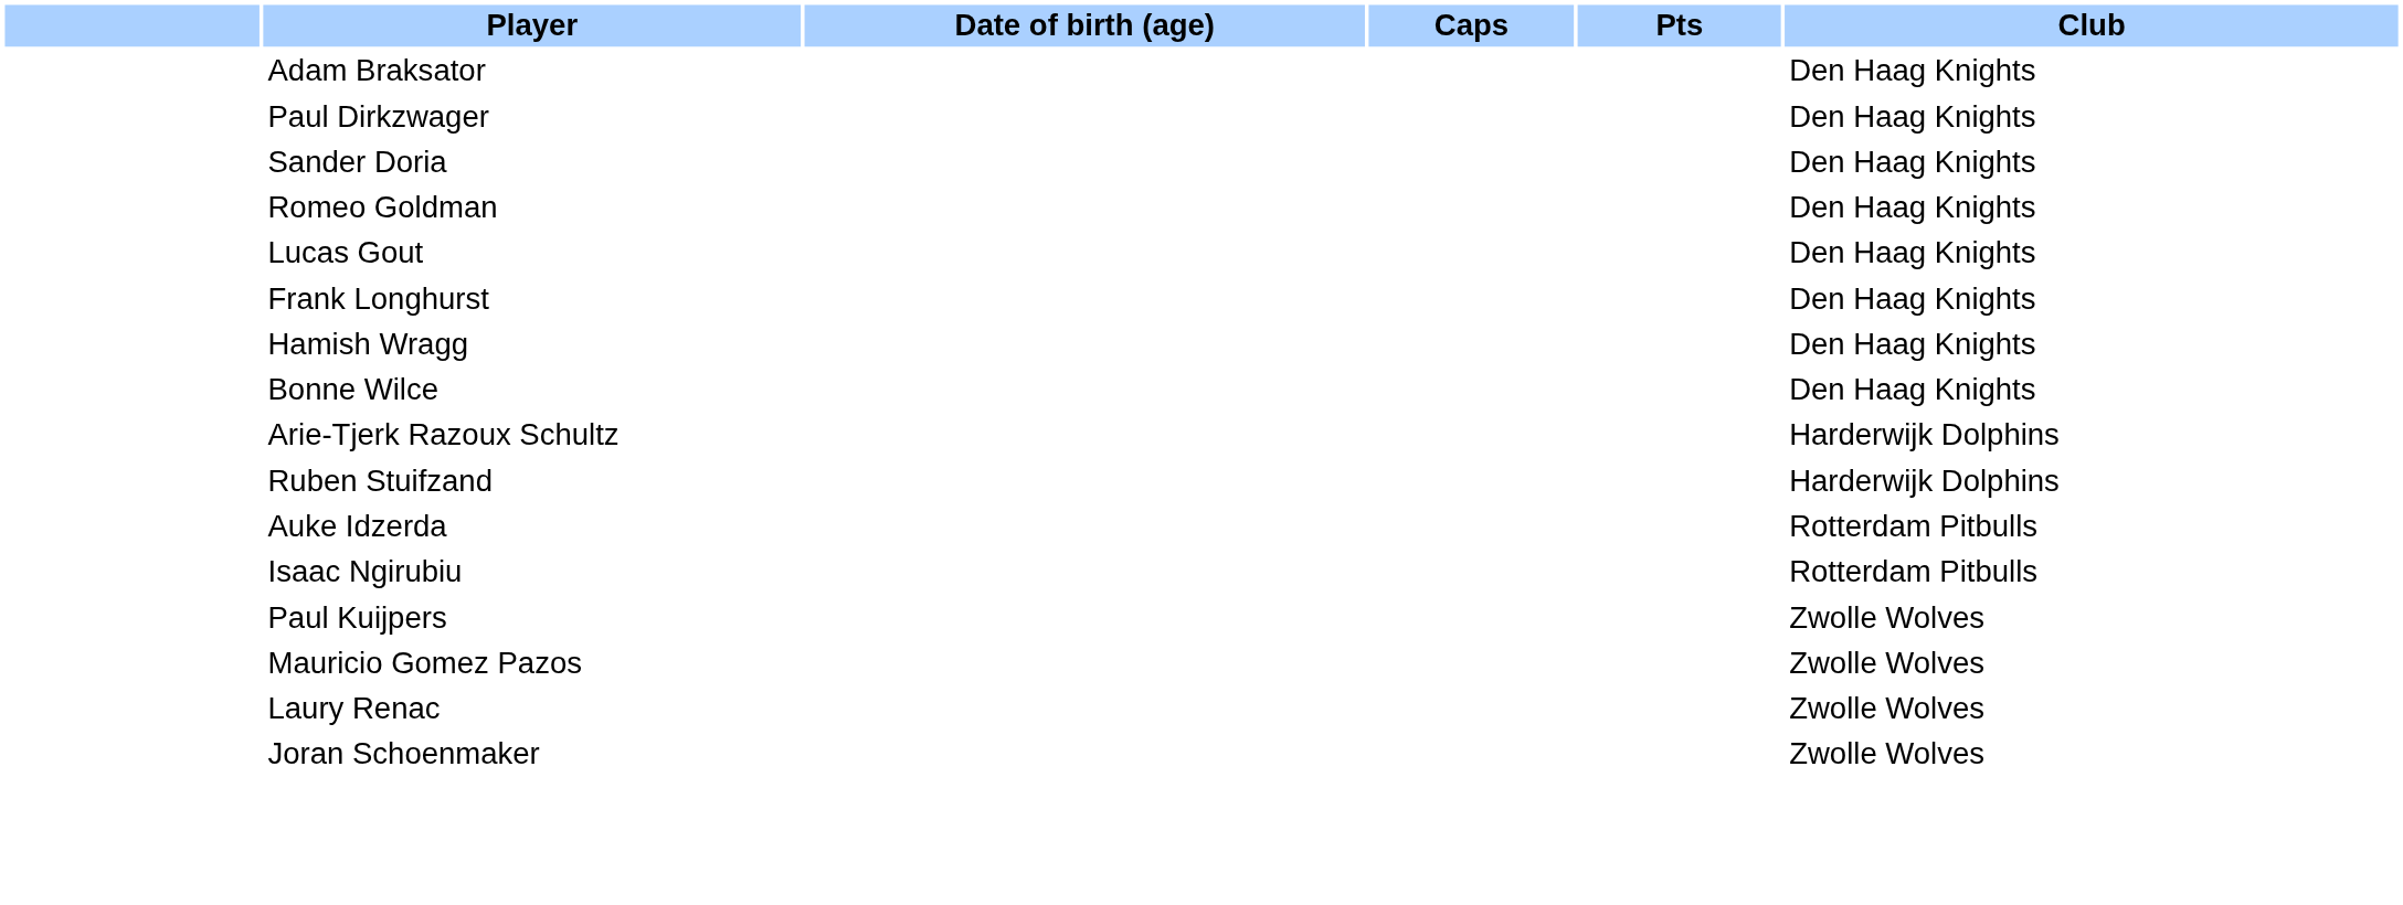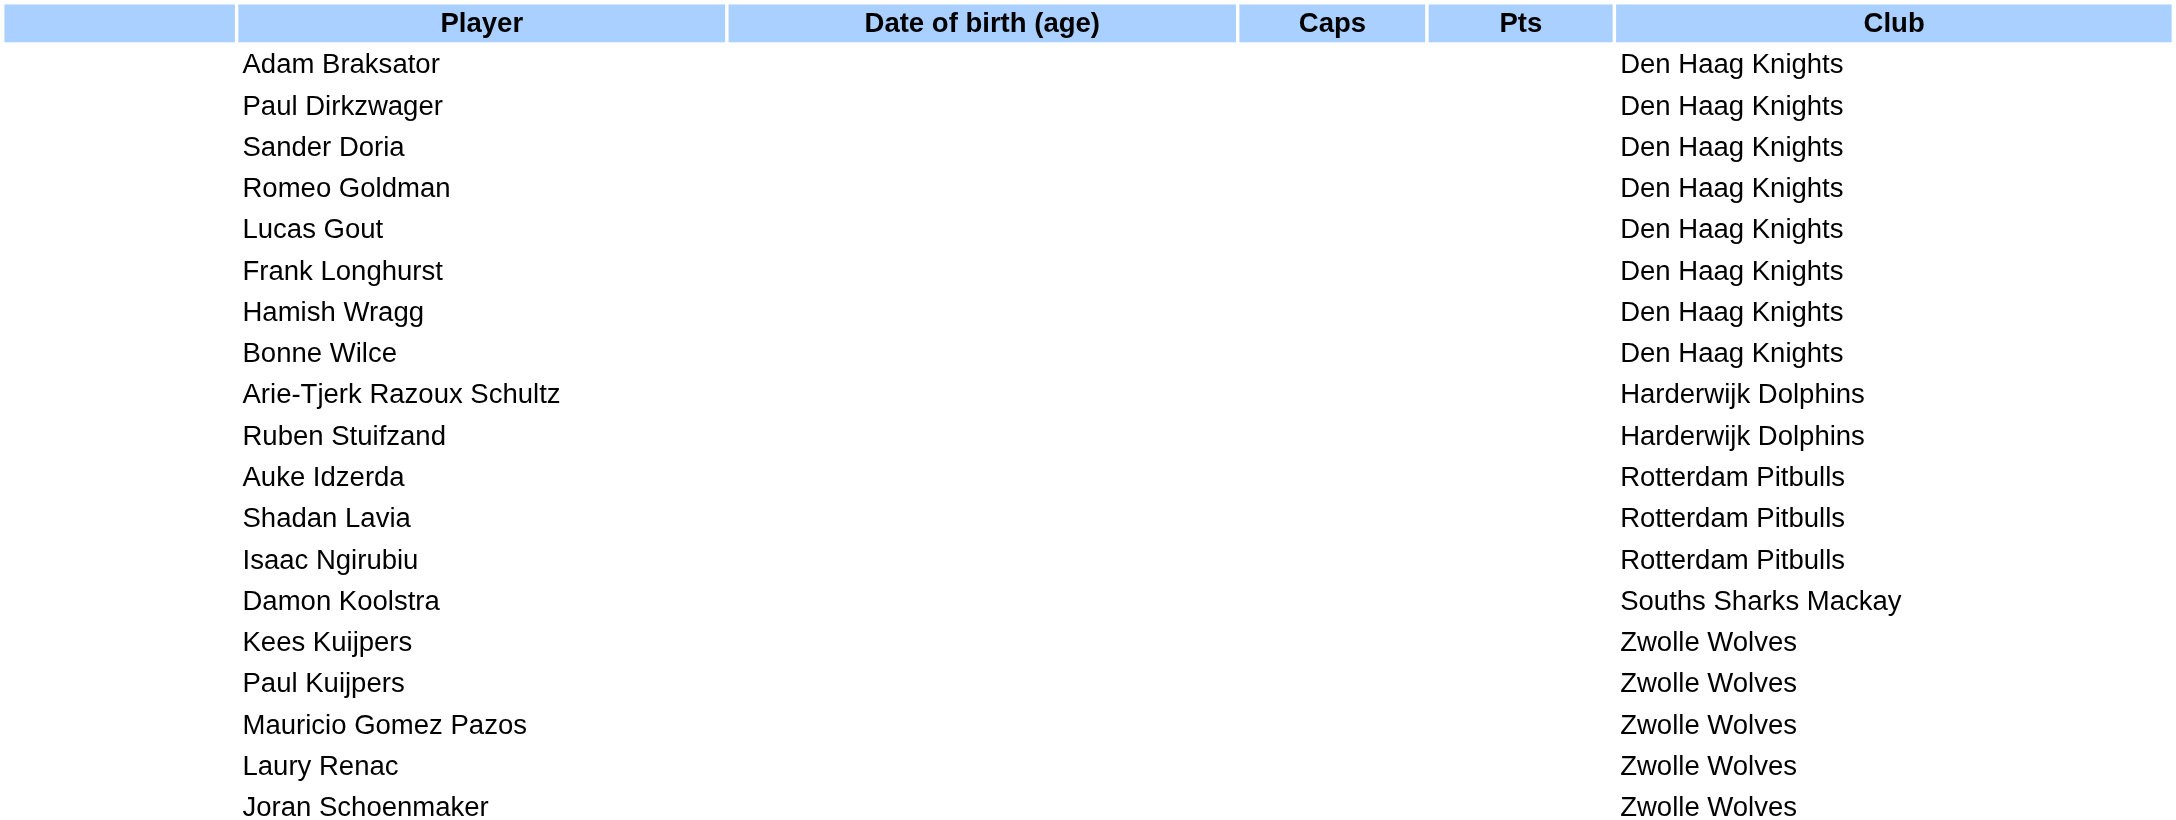 <table class="sortable" border="0" cellspacing="2" cellpadding="2" style="width:100%;">
 <tr style="background:#AAD0FF">
 <th width=10%></th>
 <th width="21%">Player</th>
 <th width=22%>Date of birth (age)</th>
 <th width=8%>Caps</th>
 <th width=8%>Pts</th>
 <th width=24%>Club</th>
 </tr>
 <tr>
 <td></td>
 <td>Adam Braksator</td>
 <td></td>
 <td></td>
 <td></td>
 <td>Den Haag Knights</td>
 </tr>
 <tr>
 <td></td>
 <td>Paul Dirkzwager</td>
 <td></td>
 <td></td>
 <td></td>
 <td>Den Haag Knights</td>
 </tr>
 <tr>
 <td></td>
 <td>Sander Doria</td>
 <td></td>
 <td></td>
 <td></td>
 <td>Den Haag Knights</td>
 </tr>
 <tr>
 <td></td>
 <td>Romeo Goldman</td>
 <td></td>
 <td></td>
 <td></td>
 <td>Den Haag Knights</td>
 </tr>
 <tr>
 <td></td>
 <td>Lucas Gout</td>
 <td></td>
 <td></td>
 <td></td>
 <td>Den Haag Knights</td>
 </tr>
 <tr>
 <td></td>
 <td>Frank Longhurst</td>
 <td></td>
 <td></td>
 <td></td>
 <td>Den Haag Knights</td>
 </tr>
 <tr>
 <td></td>
 <td>Hamish Wragg</td>
 <td></td>
 <td></td>
 <td></td>
 <td>Den Haag Knights</td>
 </tr>
 <tr>
 <td></td>
 <td>Bonne Wilce</td>
 <td></td>
 <td></td>
 <td></td>
 <td>Den Haag Knights</td>
 </tr>
 <tr>
 <td></td>
 <td>Arie-Tjerk Razoux Schultz</td>
 <td></td>
 <td></td>
 <td></td>
 <td>Harderwijk Dolphins</td>
 </tr>
 <tr>
 <td></td>
 <td>Ruben Stuifzand</td>
 <td></td>
 <td></td>
 <td></td>
 <td>Harderwijk Dolphins</td>
 </tr>
 <tr>
 <td></td>
 <td>Auke Idzerda</td>
 <td></td>
 <td></td>
 <td></td>
 <td>Rotterdam Pitbulls</td>
 </tr>
 <tr>
 <td></td>
+<td>Shadan Lavia</td>
+<td></td>
+<td></td>
+<td></td>
+<td>Rotterdam Pitbulls</td>
+</tr>
+<tr>
+<td></td>
 <td>Isaac Ngirubiu</td>
 <td></td>
 <td></td>
 <td></td>
 <td>Rotterdam Pitbulls</td>
+</tr>
+<tr>
+<td></td>
+<td>Damon Koolstra</td>
+<td></td>
+<td></td>
+<td></td>
+<td>Souths Sharks Mackay</td>
+</tr>
+<tr>
+<td></td>
+<td>Kees Kuijpers</td>
+<td></td>
+<td></td>
+<td></td>
+<td>Zwolle Wolves</td>
 </tr>
 <tr>
 <td></td>
 <td>Paul Kuijpers</td>
 <td></td>
 <td></td>
 <td></td>
 <td>Zwolle Wolves</td>
 </tr>
 <tr>
 <td></td>
 <td>Mauricio Gomez Pazos</td>
 <td></td>
 <td></td>
 <td></td>
 <td>Zwolle Wolves</td>
 </tr>
 <tr>
 <td></td>
 <td>Laury Renac</td>
 <td></td>
 <td></td>
 <td></td>
 <td>Zwolle Wolves</td>
 </tr>
 <tr>
 <td></td>
 <td>Joran Schoenmaker</td>
 <td></td>
 <td></td>
 <td></td>
 <td>Zwolle Wolves</td>
 </tr>
 <tr>
 <td></td>
 </tr>
 </table>
